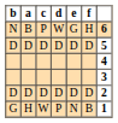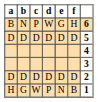 <table style="background:#ffdead" border="1" cellspacing="0">
 <tr align=center border="0" style="background:white;">
+<th style="width:17px">a</th>
 <th style="width:17px">b</th>
-<th style="width:17px">a</th>
 <th style="width:17px">c</th>
 <th style="width:17px">d</th>
 <th style="width:17px">e</th>
 <th style="width:17px">f</th>
 <th style="width:17px"> </th>
 </tr>
 <tr align=center>
+<td>B</td>
 <td>N</td>
-<td>B</td>
 <td>P</td>
 <td>W</td>
 <td>G</td>
 <td>H</td>
 <td style="width:15px" style="background:white;"><strong>6</strong></td>
 </tr>
 <tr align=center>
 <td>D</td>
 <td>D</td>
 <td>D</td>
 <td>D</td>
 <td>D</td>
 <td>D</td>
 <td style="background:white;"><strong>5</strong></td>
 </tr>
 <tr align=center>
 <td> </td>
 <td> </td>
 <td> </td>
 <td> </td>
 <td> </td>
 <td> </td>
 <td style="background:white;"><strong>4</strong></td>
 </tr>
 <tr align=center>
 <td> </td>
 <td> </td>
 <td> </td>
 <td> </td>
 <td> </td>
 <td> </td>
 <td style="background:white;"><strong>3</strong></td>
 </tr>
 <tr align=center>
 <td>D</td>
 <td>D</td>
 <td>D</td>
 <td>D</td>
 <td>D</td>
 <td>D</td>
 <td style="background:white;"><strong>2</strong></td>
 </tr>
 <tr align=center>
+<td>H</td>
 <td>G</td>
-<td>H</td>
 <td>W</td>
 <td>P</td>
 <td>N</td>
 <td>B</td>
 <td style="background:white;"><strong>1</strong></td>
 </tr>
 </table>
